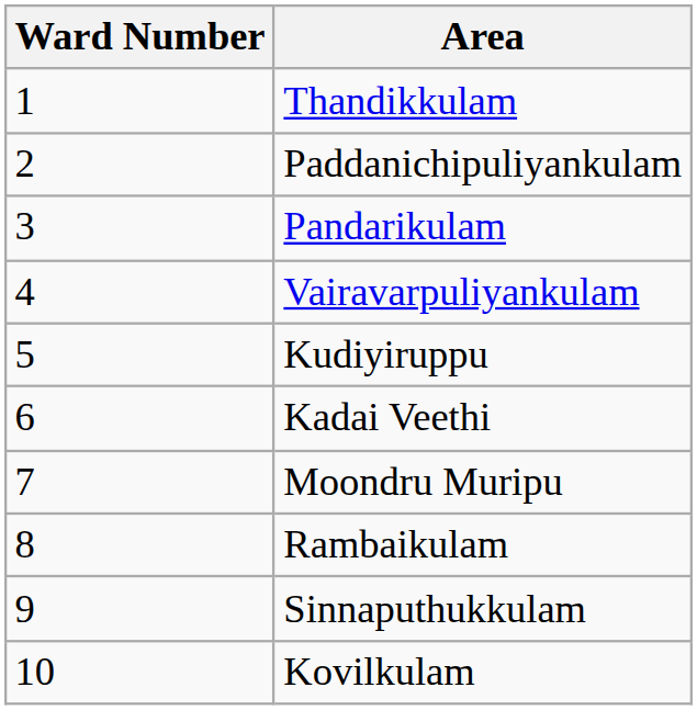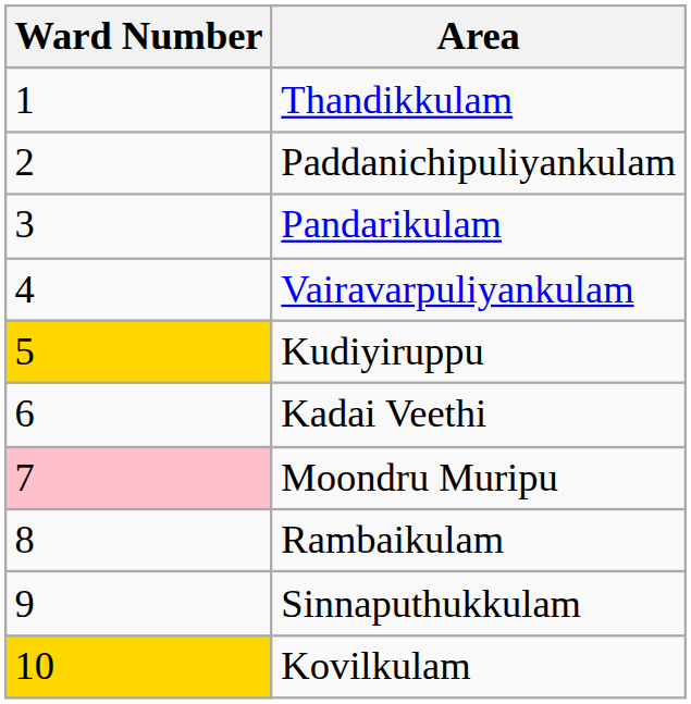 <table class="wikitable">
 <tr>
 <th>Ward Number</th>
 <th>Area</th>
 </tr>
 <tr>
 <td>1</td>
 <td><a href='#'>Thandikkulam</a></td>
 </tr>
 <tr>
 <td>2</td>
 <td>Paddanichipuliyankulam</td>
 </tr>
 <tr>
 <td>3</td>
 <td><a href='#'>Pandarikulam</a></td>
 </tr>
 <tr>
 <td>4</td>
 <td><a href='#'>Vairavarpuliyankulam</a></td>
 </tr>
 <tr>
-<td>5</td>
+<td style="background: gold;">5</td>
 <td>Kudiyiruppu</td>
 </tr>
 <tr>
 <td>6</td>
 <td>Kadai Veethi</td>
 </tr>
 <tr>
-<td>7</td>
+<td style="background: pink;">7</td>
 <td>Moondru Muripu</td>
 </tr>
 <tr>
 <td>8</td>
 <td>Rambaikulam</td>
 </tr>
 <tr>
 <td>9</td>
 <td>Sinnaputhukkulam</td>
 </tr>
 <tr>
-<td>10</td>
+<td style="background: gold;">10</td>
 <td>Kovilkulam</td>
 </tr>
 </table>
